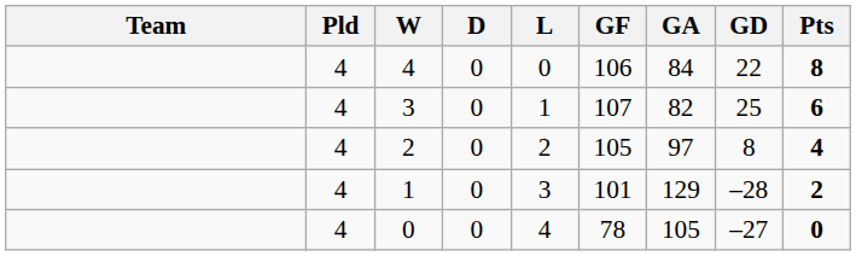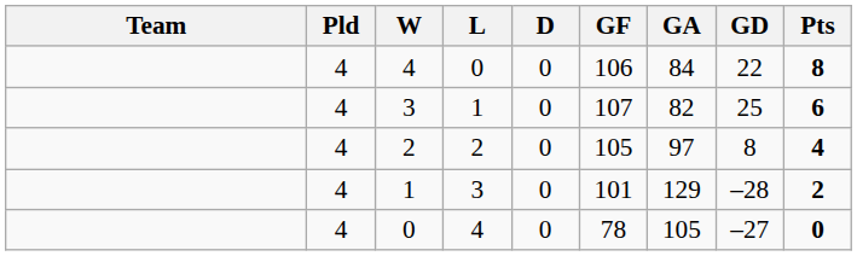 <table class="wikitable" style="text-align: center;">
 <tr>
 <th width="180">Team</th>
 <th width="35">Pld</th>
 <th width="35">W</th>
+<th width="35">L</th>
 <th width="35">D</th>
-<th width="35">L</th>
 <th width="35">GF</th>
 <th width="35">GA</th>
 <th width="35">GD</th>
 <th width="35">Pts</th>
 </tr>
 <tr>
 <td align="left"></td>
 <td>4</td>
 <td>4</td>
 <td>0</td>
 <td>0</td>
 <td>106</td>
 <td>84</td>
 <td>22</td>
 <td><strong>8</strong></td>
 </tr>
 <tr>
 <td align="left"></td>
 <td>4</td>
 <td>3</td>
+<td>1</td>
 <td>0</td>
-<td>1</td>
 <td>107</td>
 <td>82</td>
 <td>25</td>
 <td><strong>6</strong></td>
 </tr>
 <tr>
 <td align="left"></td>
 <td>4</td>
 <td>2</td>
+<td>2</td>
 <td>0</td>
-<td>2</td>
 <td>105</td>
 <td>97</td>
 <td>8</td>
 <td><strong>4</strong></td>
 </tr>
 <tr>
 <td align="left"></td>
 <td>4</td>
 <td>1</td>
+<td>3</td>
 <td>0</td>
-<td>3</td>
 <td>101</td>
 <td>129</td>
 <td>–28</td>
 <td><strong>2</strong></td>
 </tr>
 <tr>
 <td align="left"></td>
 <td>4</td>
 <td>0</td>
+<td>4</td>
 <td>0</td>
-<td>4</td>
 <td>78</td>
 <td>105</td>
 <td>–27</td>
 <td><strong>0</strong></td>
 </tr>
 </table>
